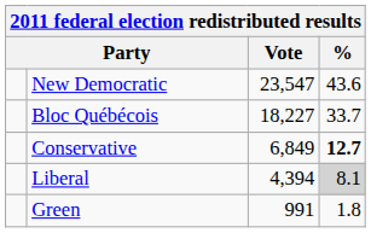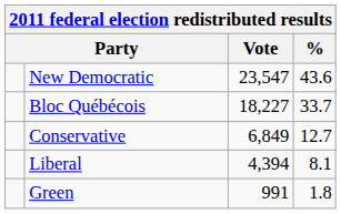 <table class="wikitable">
 <tr>
 <th colspan="4"><a href='#'>2011 federal election</a> redistributed results</th>
 </tr>
 <tr>
 <th bgcolor="#DDDDFF" width="130px" colspan="2">Party</th>
 <th bgcolor="#DDDDFF" width="50px">Vote</th>
 <th bgcolor="#DDDDFF" width="30px">%</th>
 </tr>
 <tr>
 <td> </td>
 <td><a href='#'>New Democratic</a></td>
 <td align=right>23,547</td>
 <td align=right>43.6</td>
 </tr>
 <tr>
 <td> </td>
 <td><a href='#'>Bloc Québécois</a></td>
 <td align=right>18,227</td>
 <td align=right>33.7</td>
 </tr>
 <tr>
 <td> </td>
 <td><a href='#'>Conservative</a></td>
 <td align=right>6,849</td>
-<td align=right><strong>12.7</strong></td>
+<td align=right>12.7</td>
 </tr>
 <tr>
 <td> </td>
 <td><a href='#'>Liberal</a></td>
 <td align=right>4,394</td>
-<td align=right style="background: lightgrey;">8.1</td>
+<td align=right>8.1</td>
 </tr>
 <tr>
 <td> </td>
 <td><a href='#'>Green</a></td>
 <td align=right>991</td>
 <td align=right>1.8</td>
 </tr>
 </table>
